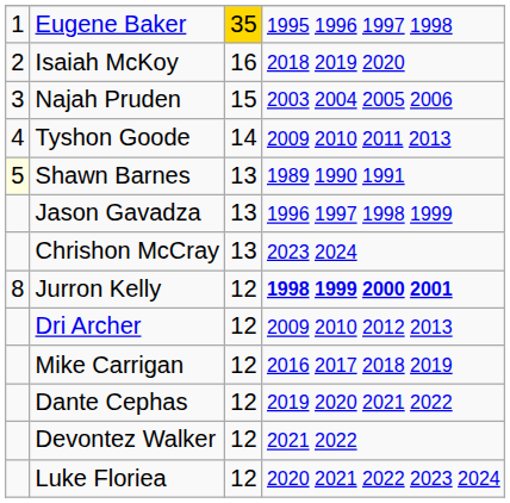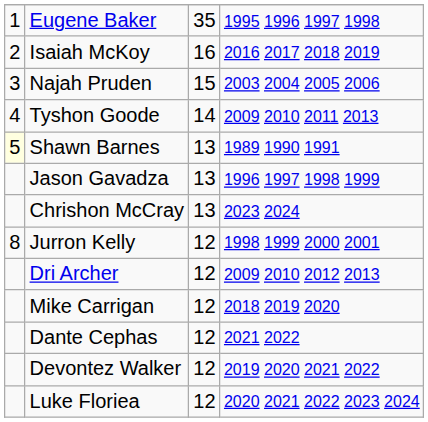 <table class="wikitable" style="display:inline-table;">
 <tr>
 </tr>
 <tr>
 <td>1</td>
 <td><a href='#'>Eugene Baker</a></td>
-<td style="background: gold;">35</td>
+<td>35</td>
 <td style="font-size:80%;"><a href='#'>1995</a> <a href='#'>1996</a> <a href='#'>1997</a> <a href='#'>1998</a></td>
 </tr>
 <tr>
 <td>2</td>
 <td>Isaiah McKoy</td>
 <td>16</td>
-<td style="font-size:80%;"><a href='#'>2018</a> <a href='#'>2019</a> <a href='#'>2020</a></td>
+<td style="font-size:80%;"><a href='#'>2016</a> <a href='#'>2017</a> <a href='#'>2018</a> <a href='#'>2019</a></td>
 </tr>
 <tr>
 <td>3</td>
 <td>Najah Pruden</td>
 <td>15</td>
 <td style="font-size:80%;"><a href='#'>2003</a> <a href='#'>2004</a> <a href='#'>2005</a> <a href='#'>2006</a></td>
 </tr>
 <tr>
 <td>4</td>
 <td>Tyshon Goode</td>
 <td>14</td>
 <td style="font-size:80%;"><a href='#'>2009</a> <a href='#'>2010</a> <a href='#'>2011</a> <a href='#'>2013</a></td>
 </tr>
 <tr>
 <td style="background: lightyellow;">5</td>
 <td>Shawn Barnes</td>
 <td>13</td>
 <td style="font-size:80%;"><a href='#'>1989</a> <a href='#'>1990</a> <a href='#'>1991</a></td>
 </tr>
 <tr>
 <td></td>
 <td>Jason Gavadza</td>
 <td>13</td>
 <td style="font-size:80%;"><a href='#'>1996</a> <a href='#'>1997</a> <a href='#'>1998</a> <a href='#'>1999</a></td>
 </tr>
 <tr>
 <td></td>
 <td>Chrishon McCray</td>
 <td>13</td>
 <td style="font-size:80%;"><a href='#'>2023</a> <a href='#'>2024</a></td>
 </tr>
 <tr>
 <td>8</td>
 <td>Jurron Kelly</td>
 <td>12</td>
-<td style="font-size:80%;"><strong><a href='#'>1998</a> <a href='#'>1999</a> <a href='#'>2000</a> <a href='#'>2001</a></strong></td>
+<td style="font-size:80%;"><a href='#'>1998</a> <a href='#'>1999</a> <a href='#'>2000</a> <a href='#'>2001</a></td>
 </tr>
 <tr>
 <td></td>
 <td><a href='#'>Dri Archer</a></td>
 <td>12</td>
 <td style="font-size:80%;"><a href='#'>2009</a> <a href='#'>2010</a> <a href='#'>2012</a> <a href='#'>2013</a></td>
 </tr>
 <tr>
 <td></td>
 <td>Mike Carrigan</td>
 <td>12</td>
-<td style="font-size:80%;"><a href='#'>2016</a> <a href='#'>2017</a> <a href='#'>2018</a> <a href='#'>2019</a></td>
+<td style="font-size:80%;"><a href='#'>2018</a> <a href='#'>2019</a> <a href='#'>2020</a></td>
 </tr>
 <tr>
 <td></td>
 <td>Dante Cephas</td>
 <td>12</td>
-<td style="font-size:80%;"><a href='#'>2019</a> <a href='#'>2020</a> <a href='#'>2021</a> <a href='#'>2022</a></td>
+<td style="font-size:80%;"><a href='#'>2021</a> <a href='#'>2022</a></td>
 </tr>
 <tr>
 <td></td>
 <td>Devontez Walker</td>
 <td>12</td>
-<td style="font-size:80%;"><a href='#'>2021</a> <a href='#'>2022</a></td>
+<td style="font-size:80%;"><a href='#'>2019</a> <a href='#'>2020</a> <a href='#'>2021</a> <a href='#'>2022</a></td>
 </tr>
 <tr>
 <td></td>
 <td>Luke Floriea</td>
 <td>12</td>
 <td style="font-size:80%;"><a href='#'>2020</a> <a href='#'>2021</a> <a href='#'>2022</a> <a href='#'>2023</a> <a href='#'>2024</a></td>
 </tr>
 </table>
